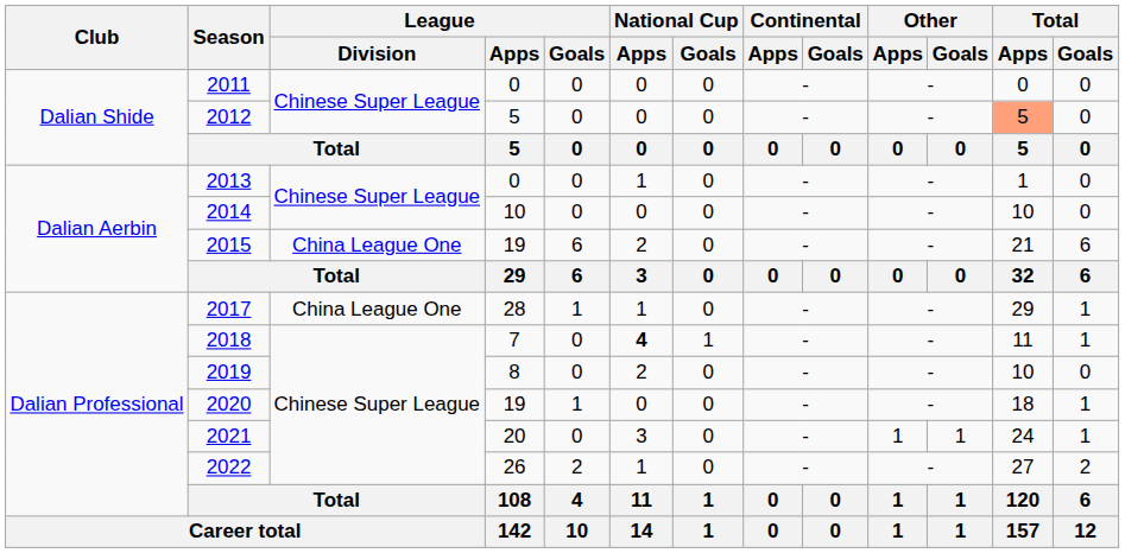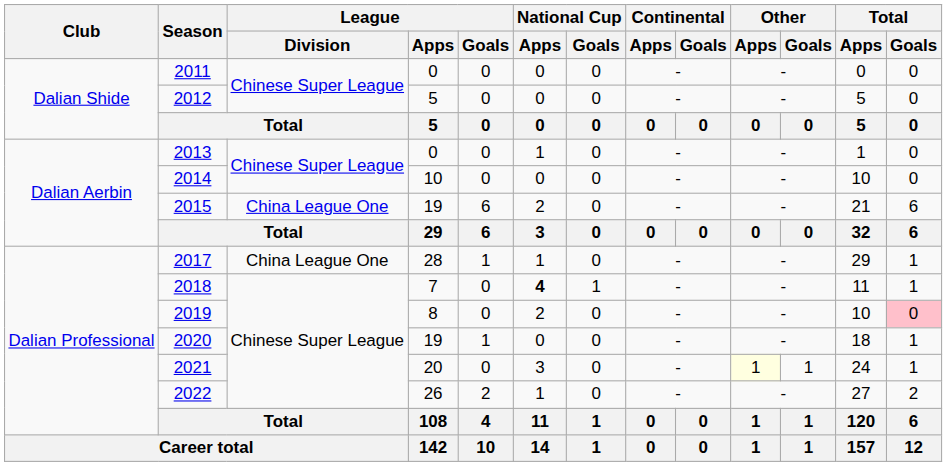 <table class="wikitable" style="text-align: center">
 <tr>
 <th rowspan="2">Club</th>
 <th rowspan="2">Season</th>
 <th colspan="3">League</th>
 <th colspan="2">National Cup</th>
 <th colspan="2">Continental</th>
 <th colspan="2">Other</th>
 <th colspan="2">Total</th>
 </tr>
 <tr>
 <th>Division</th>
 <th>Apps</th>
 <th>Goals</th>
 <th>Apps</th>
 <th>Goals</th>
 <th>Apps</th>
 <th>Goals</th>
 <th>Apps</th>
 <th>Goals</th>
 <th>Apps</th>
 <th>Goals</th>
 </tr>
 <tr>
 <td rowspan="3"><a href='#'>Dalian Shide</a></td>
 <td><a href='#'>2011</a></td>
 <td rowspan="2"><a href='#'>Chinese Super League</a></td>
 <td>0</td>
 <td>0</td>
 <td>0</td>
 <td>0</td>
 <td colspan="2">-</td>
 <td colspan="2">-</td>
 <td>0</td>
 <td>0</td>
 </tr>
 <tr>
 <td><a href='#'>2012</a></td>
 <td>5</td>
 <td>0</td>
 <td>0</td>
 <td>0</td>
 <td colspan="2">-</td>
 <td colspan="2">-</td>
-<td style="background: lightsalmon;">5</td>
+<td>5</td>
 <td>0</td>
 </tr>
 <tr>
 <th colspan="2">Total</th>
 <th>5</th>
 <th>0</th>
 <th>0</th>
 <th>0</th>
 <th>0</th>
 <th>0</th>
 <th>0</th>
 <th>0</th>
 <th>5</th>
 <th>0</th>
 </tr>
 <tr>
 <td rowspan="4"><a href='#'>Dalian Aerbin</a></td>
 <td><a href='#'>2013</a></td>
 <td rowspan="2"><a href='#'>Chinese Super League</a></td>
 <td>0</td>
 <td>0</td>
 <td>1</td>
 <td>0</td>
 <td colspan="2">-</td>
 <td colspan="2">-</td>
 <td>1</td>
 <td>0</td>
 </tr>
 <tr>
 <td><a href='#'>2014</a></td>
 <td>10</td>
 <td>0</td>
 <td>0</td>
 <td>0</td>
 <td colspan="2">-</td>
 <td colspan="2">-</td>
 <td>10</td>
 <td>0</td>
 </tr>
 <tr>
 <td><a href='#'>2015</a></td>
 <td><a href='#'>China League One</a></td>
 <td>19</td>
 <td>6</td>
 <td>2</td>
 <td>0</td>
 <td colspan="2">-</td>
 <td colspan="2">-</td>
 <td>21</td>
 <td>6</td>
 </tr>
 <tr>
 <th colspan="2">Total</th>
 <th>29</th>
 <th>6</th>
 <th>3</th>
 <th>0</th>
 <th>0</th>
 <th>0</th>
 <th>0</th>
 <th>0</th>
 <th>32</th>
 <th>6</th>
 </tr>
 <tr>
 <td rowspan="7"><a href='#'>Dalian Professional</a></td>
 <td><a href='#'>2017</a></td>
 <td>China League One</td>
 <td>28</td>
 <td>1</td>
 <td>1</td>
 <td>0</td>
 <td colspan="2">-</td>
 <td colspan="2">-</td>
 <td>29</td>
 <td>1</td>
 </tr>
 <tr>
 <td><a href='#'>2018</a></td>
 <td rowspan="5">Chinese Super League</td>
 <td>7</td>
 <td>0</td>
 <td><strong>4</strong></td>
 <td>1</td>
 <td colspan="2">-</td>
 <td colspan="2">-</td>
 <td>11</td>
 <td>1</td>
 </tr>
 <tr>
 <td><a href='#'>2019</a></td>
 <td>8</td>
 <td>0</td>
 <td>2</td>
 <td>0</td>
 <td colspan="2">-</td>
 <td colspan="2">-</td>
 <td>10</td>
-<td>0</td>
+<td style="background: pink;">0</td>
 </tr>
 <tr>
 <td><a href='#'>2020</a></td>
 <td>19</td>
 <td>1</td>
 <td>0</td>
 <td>0</td>
 <td colspan="2">-</td>
 <td colspan="2">-</td>
 <td>18</td>
 <td>1</td>
 </tr>
 <tr>
 <td><a href='#'>2021</a></td>
 <td>20</td>
 <td>0</td>
 <td>3</td>
 <td>0</td>
 <td colspan="2">-</td>
-<td>1</td>
+<td style="background: lightyellow;">1</td>
 <td>1</td>
 <td>24</td>
 <td>1</td>
 </tr>
 <tr>
 <td><a href='#'>2022</a></td>
 <td>26</td>
 <td>2</td>
 <td>1</td>
 <td>0</td>
 <td colspan="2">-</td>
 <td colspan="2">-</td>
 <td>27</td>
 <td>2</td>
 </tr>
 <tr>
 <th colspan="2">Total</th>
 <th>108</th>
 <th>4</th>
 <th>11</th>
 <th>1</th>
 <th>0</th>
 <th>0</th>
 <th>1</th>
 <th>1</th>
 <th>120</th>
 <th>6</th>
 </tr>
 <tr>
 <th colspan=3>Career total</th>
 <th>142</th>
 <th>10</th>
 <th>14</th>
 <th>1</th>
 <th>0</th>
 <th>0</th>
 <th>1</th>
 <th>1</th>
 <th>157</th>
 <th>12</th>
 </tr>
 </table>
